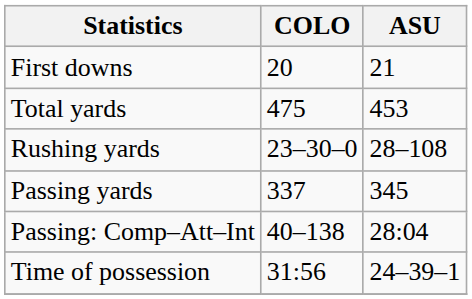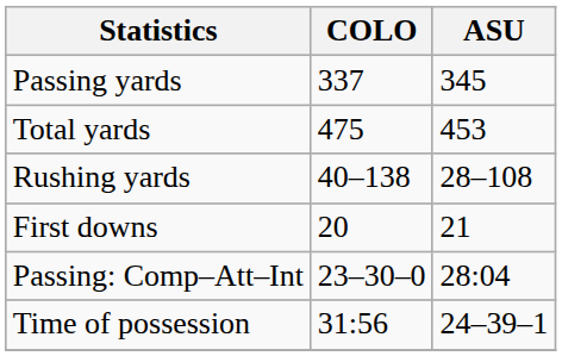 <table class="wikitable" style="float: left;">
 <tr>
 <th>Statistics</th>
 <th>COLO</th>
 <th>ASU</th>
 </tr>
 <tr>
-<td>First downs</td>
-<td>20</td>
-<td>21</td>
+<td>Passing yards</td>
+<td>337</td>
+<td>345</td>
 </tr>
 <tr>
 <td>Total yards</td>
 <td>475</td>
 <td>453</td>
 </tr>
 <tr>
 <td>Rushing yards</td>
-<td>23–30–0</td>
+<td>40–138</td>
 <td>28–108</td>
 </tr>
 <tr>
-<td>Passing yards</td>
-<td>337</td>
-<td>345</td>
+<td>First downs</td>
+<td>20</td>
+<td>21</td>
 </tr>
 <tr>
 <td>Passing: Comp–Att–Int</td>
-<td>40–138</td>
+<td>23–30–0</td>
 <td>28:04</td>
 </tr>
 <tr>
 <td>Time of possession</td>
 <td>31:56</td>
 <td>24–39–1</td>
 </tr>
 <tr>
 </tr>
 </table>
